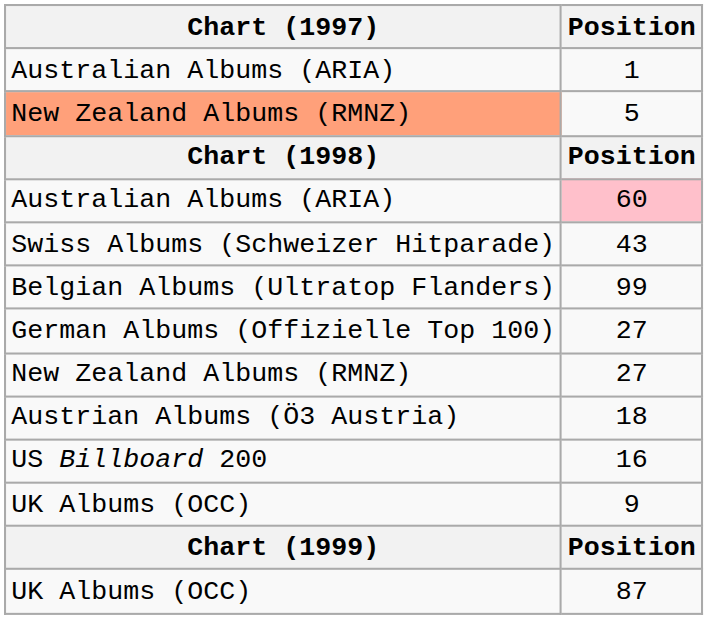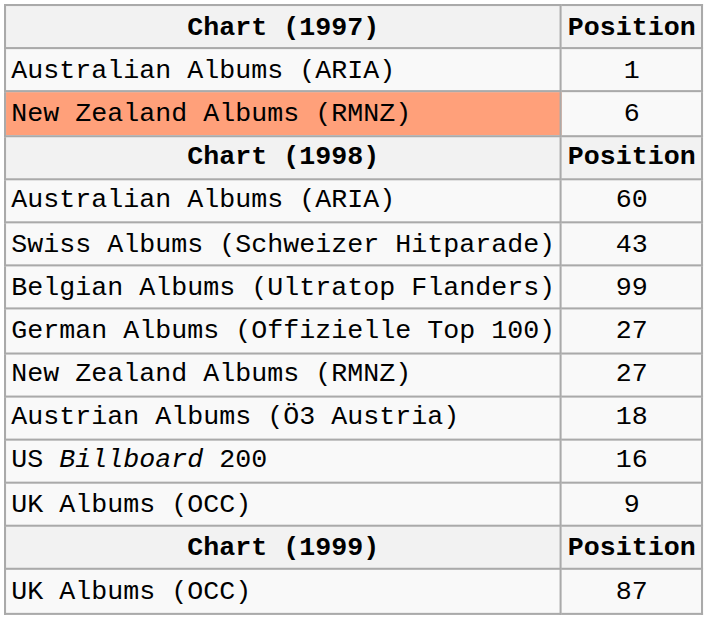 <table class="wikitable">
 <tr>
 <th>Chart (1997)</th>
 <th>Position</th>
 </tr>
 <tr>
 <td>Australian Albums (ARIA)</td>
 <td style="text-align:center;">1</td>
 </tr>
 <tr>
 <td style="background: lightsalmon;">New Zealand Albums (RMNZ)</td>
-<td style="text-align:center;">5</td>
+<td style="text-align:center;">6</td>
 </tr>
 <tr>
 <th>Chart (1998)</th>
 <th>Position</th>
 </tr>
 <tr>
 <td>Australian Albums (ARIA)</td>
-<td style="background: pink; text-align:center;">60</td>
+<td style="text-align:center;">60</td>
 </tr>
 <tr>
 <td>Swiss Albums (Schweizer Hitparade)</td>
 <td style="text-align:center;">43</td>
 </tr>
 <tr>
 <td>Belgian Albums (Ultratop Flanders)</td>
 <td style="text-align:center;">99</td>
 </tr>
 <tr>
 <td>German Albums (Offizielle Top 100)</td>
 <td style="text-align:center;">27</td>
 </tr>
 <tr>
 <td>New Zealand Albums (RMNZ)</td>
 <td style="text-align:center;">27</td>
 </tr>
 <tr>
 <td>Austrian Albums (Ö3 Austria)</td>
 <td style="text-align:center;">18</td>
 </tr>
 <tr>
 <td>US <em>Billboard</em> 200</td>
 <td style="text-align:center;">16</td>
 </tr>
 <tr>
 <td>UK Albums (OCC)</td>
 <td style="text-align:center;">9</td>
 </tr>
 <tr>
 <th>Chart (1999)</th>
 <th>Position</th>
 </tr>
 <tr>
 <td>UK Albums (OCC)</td>
 <td style="text-align:center;">87</td>
 </tr>
 </table>
